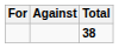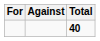 <table class="wikitable">
 <tr>
 <th>For</th>
 <th>Against</th>
 <th><strong>Total</strong></th>
 </tr>
 <tr>
 <td></td>
 <td></td>
-<td><strong>38</strong></td>
+<td><strong>40</strong></td>
 </tr>
 </table>
